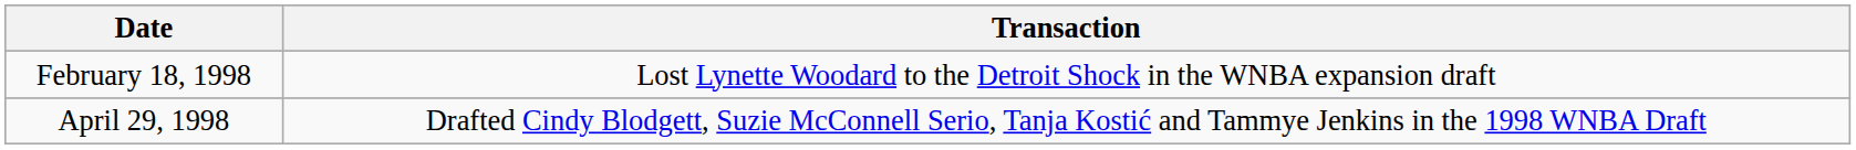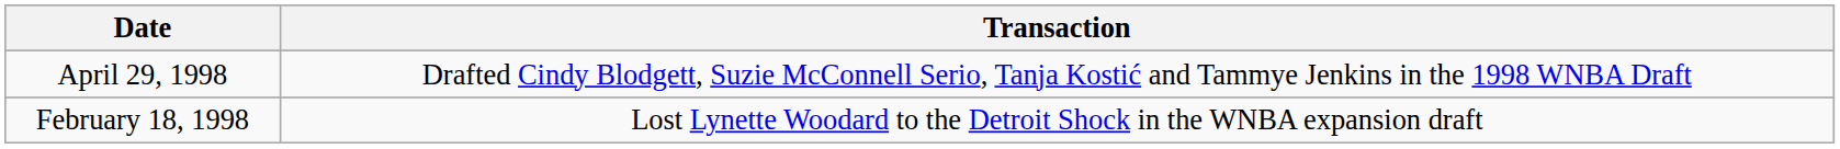 <table class="wikitable" style="width:80%; text-align: center;">
 <tr>
 <th>Date</th>
 <th>Transaction</th>
 </tr>
 <tr>
+<td>April 29, 1998</td>
+<td>Drafted <a href='#'>Cindy Blodgett</a>, <a href='#'>Suzie McConnell Serio</a>, <a href='#'>Tanja Kostić</a> and Tammye Jenkins in the <a href='#'>1998 WNBA Draft</a></td>
+</tr>
+<tr>
 <td>February 18, 1998</td>
 <td>Lost <a href='#'>Lynette Woodard</a> to the <a href='#'>Detroit Shock</a> in the WNBA expansion draft</td>
 </tr>
-<tr>
-<td>April 29, 1998</td>
-<td>Drafted <a href='#'>Cindy Blodgett</a>, <a href='#'>Suzie McConnell Serio</a>, <a href='#'>Tanja Kostić</a> and Tammye Jenkins in the <a href='#'>1998 WNBA Draft</a></td>
-</tr>
 </table>
